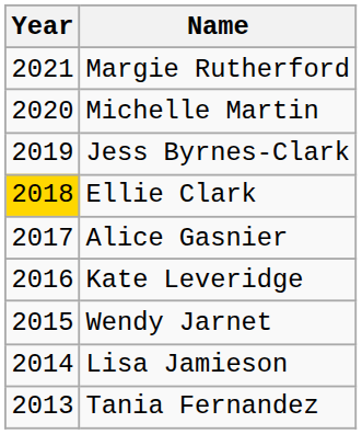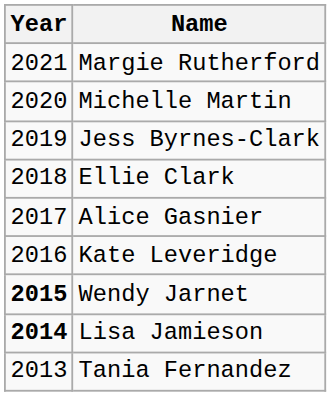 <table class="wikitable">
 <tr>
 <th>Year</th>
 <th>Name</th>
 </tr>
 <tr>
 <td>2021</td>
 <td>Margie Rutherford</td>
 </tr>
 <tr>
 <td>2020</td>
 <td>Michelle Martin</td>
 </tr>
 <tr>
 <td>2019</td>
 <td>Jess Byrnes-Clark</td>
 </tr>
 <tr>
-<td style="background: gold;">2018</td>
+<td>2018</td>
 <td>Ellie Clark</td>
 </tr>
 <tr>
 <td>2017</td>
 <td>Alice Gasnier</td>
 </tr>
 <tr>
 <td>2016</td>
 <td>Kate Leveridge</td>
 </tr>
 <tr>
-<td>2015</td>
+<td><strong>2015</strong></td>
 <td>Wendy Jarnet</td>
 </tr>
 <tr>
-<td>2014</td>
+<td><strong>2014</strong></td>
 <td>Lisa Jamieson</td>
 </tr>
 <tr>
 <td>2013</td>
 <td>Tania Fernandez</td>
 </tr>
 </table>
